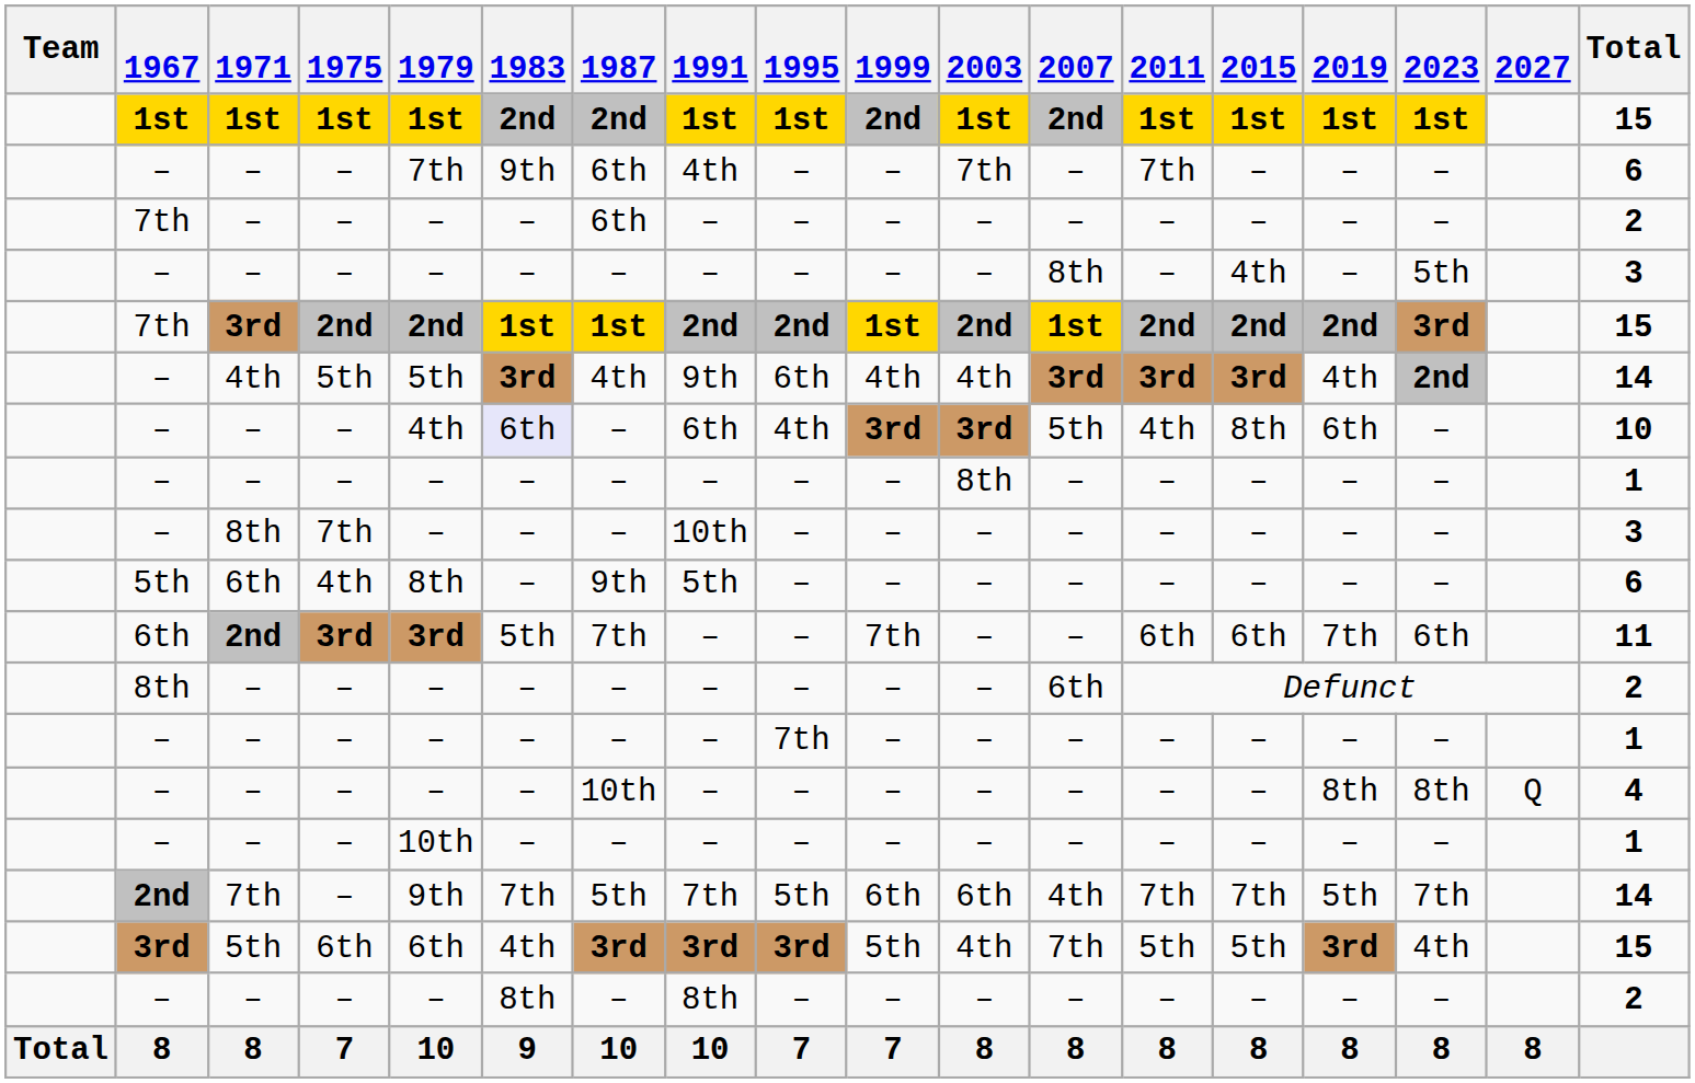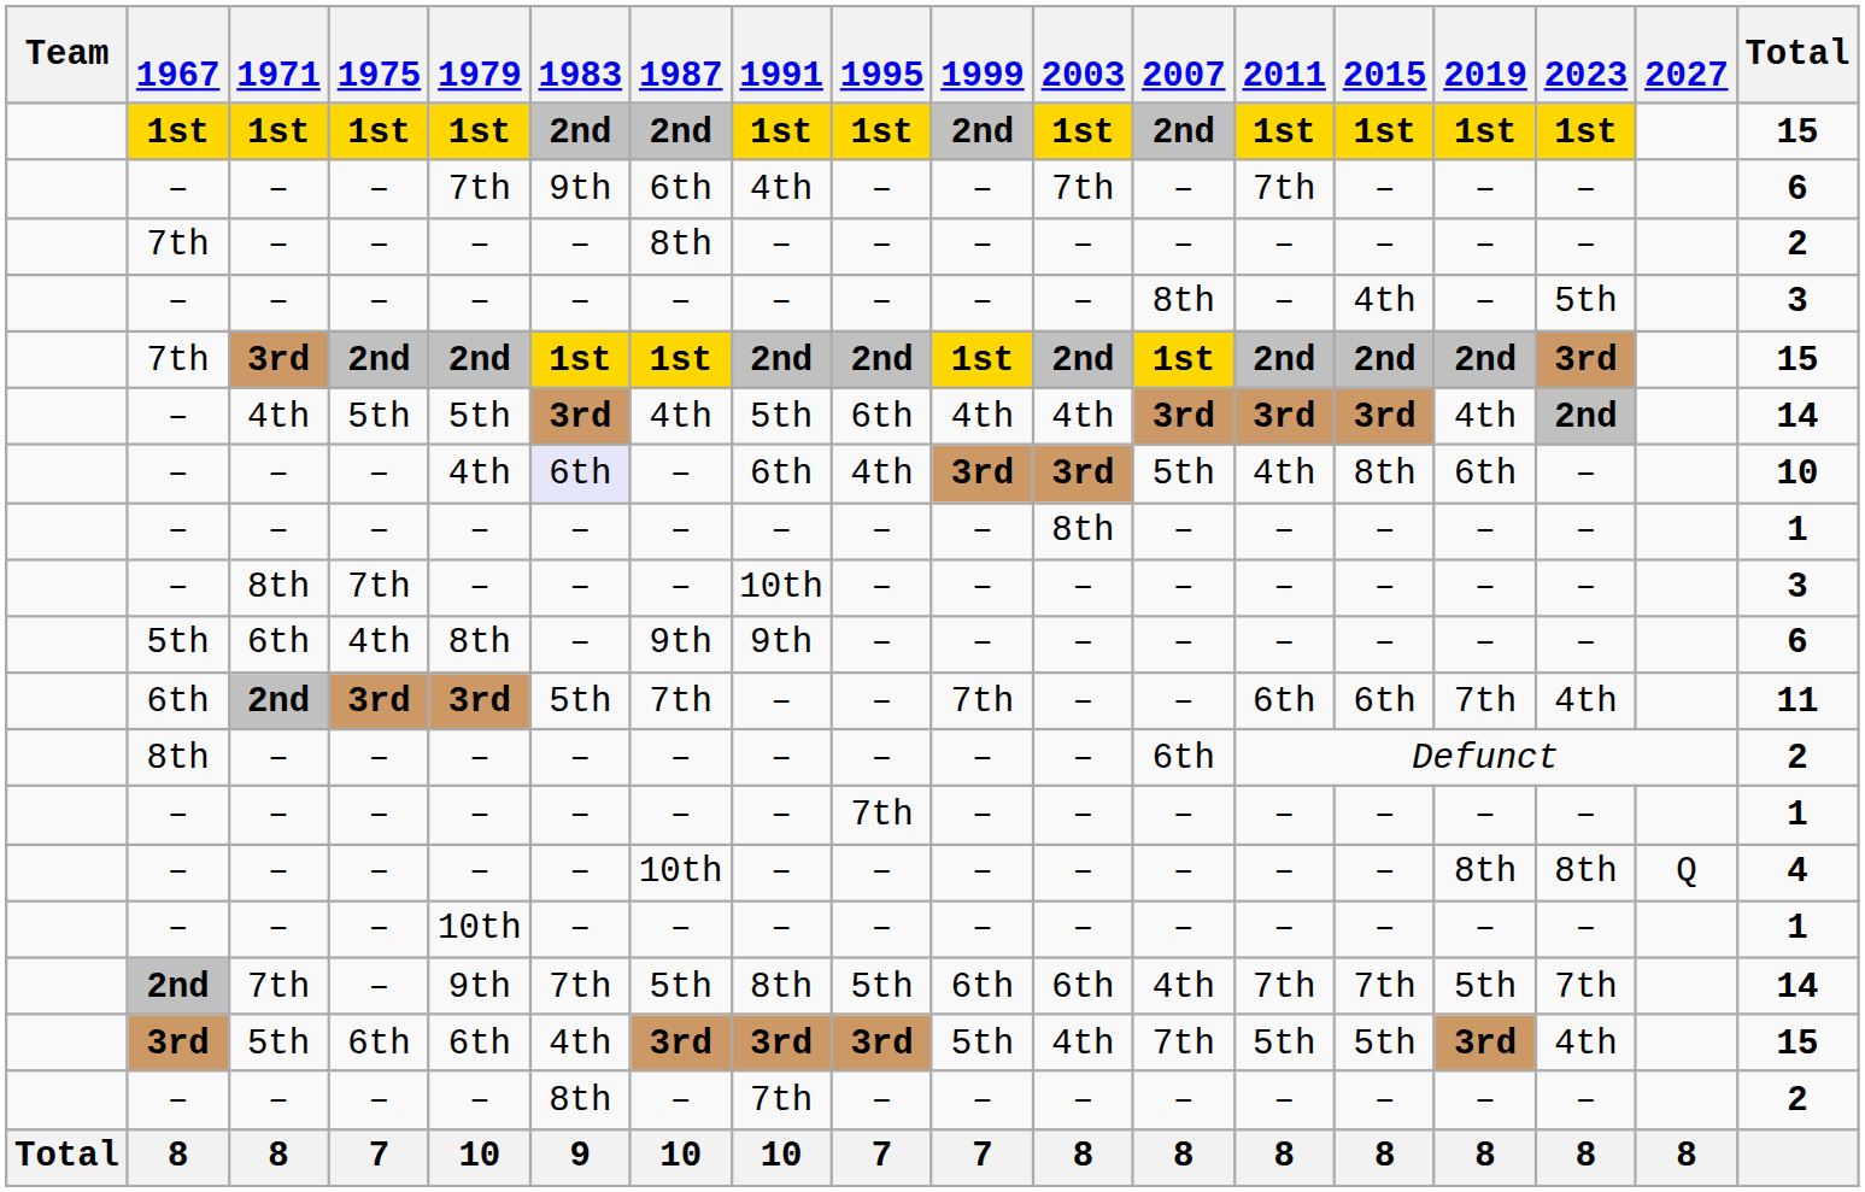 <table class="wikitable " style="text-align:center">
 <tr>
 <th>Team</th>
 <th><br><a href='#'>1967</a></th>
 <th><br><a href='#'>1971</a></th>
 <th><br><a href='#'>1975</a></th>
 <th><br><a href='#'>1979</a></th>
 <th><br><a href='#'>1983</a></th>
 <th><br><a href='#'>1987</a></th>
 <th><br><a href='#'>1991</a></th>
 <th><br><a href='#'>1995</a></th>
 <th><br><a href='#'>1999</a></th>
 <th><br><a href='#'>2003</a></th>
 <th><br><a href='#'>2007</a></th>
 <th><br><a href='#'>2011</a></th>
 <th><br><a href='#'>2015</a></th>
 <th><br><a href='#'>2019</a></th>
 <th><br><a href='#'>2023</a></th>
 <th><br><a href='#'>2027</a></th>
 <th>Total</th>
 </tr>
 <tr>
 <td align=left></td>
 <td bgcolor=gold><strong>1st</strong></td>
 <td bgcolor=gold><strong>1st</strong></td>
 <td bgcolor=gold><strong>1st</strong></td>
 <td bgcolor=gold><strong>1st</strong></td>
 <td bgcolor=silver><strong>2nd</strong></td>
 <td bgcolor=silver><strong>2nd</strong></td>
 <td bgcolor=gold><strong>1st</strong></td>
 <td bgcolor=gold><strong>1st</strong></td>
 <td bgcolor=silver><strong>2nd</strong></td>
 <td bgcolor=gold><strong>1st</strong></td>
 <td bgcolor=silver><strong>2nd</strong></td>
 <td bgcolor=gold><strong>1st</strong></td>
 <td bgcolor=gold><strong>1st</strong></td>
 <td bgcolor=gold><strong>1st</strong></td>
 <td bgcolor=gold><strong>1st</strong></td>
 <td></td>
 <td><strong>15</strong></td>
 </tr>
 <tr>
 <td align=left></td>
 <td>–</td>
 <td>–</td>
 <td>–</td>
 <td>7th</td>
 <td>9th</td>
 <td>6th</td>
 <td>4th</td>
 <td>–</td>
 <td>–</td>
 <td>7th</td>
 <td>–</td>
 <td>7th</td>
 <td>–</td>
 <td>–</td>
 <td>–</td>
 <td></td>
 <td><strong>6</strong></td>
 </tr>
 <tr>
 <td align=left></td>
 <td>7th</td>
 <td>–</td>
 <td>–</td>
 <td>–</td>
 <td>–</td>
-<td>6th</td>
+<td>8th</td>
 <td>–</td>
 <td>–</td>
 <td>–</td>
 <td>–</td>
 <td>–</td>
 <td>–</td>
 <td>–</td>
 <td>–</td>
 <td>–</td>
 <td></td>
 <td><strong>2</strong></td>
 </tr>
 <tr>
 <td align=left></td>
 <td>–</td>
 <td>–</td>
 <td>–</td>
 <td>–</td>
 <td>–</td>
 <td>–</td>
 <td>–</td>
 <td>–</td>
 <td>–</td>
 <td>–</td>
 <td>8th</td>
 <td>–</td>
 <td>4th</td>
 <td>–</td>
 <td>5th</td>
 <td></td>
 <td><strong>3</strong></td>
 </tr>
 <tr>
 <td align=left></td>
 <td>7th</td>
 <td bgcolor=#cc9966><strong>3rd</strong></td>
 <td bgcolor=silver><strong>2nd</strong></td>
 <td bgcolor=silver><strong>2nd</strong></td>
 <td bgcolor=gold><strong>1st</strong></td>
 <td bgcolor=gold><strong>1st</strong></td>
 <td bgcolor=silver><strong>2nd</strong></td>
 <td bgcolor=silver><strong>2nd</strong></td>
 <td bgcolor=gold><strong>1st</strong></td>
 <td bgcolor=silver><strong>2nd</strong></td>
 <td bgcolor=gold><strong>1st</strong></td>
 <td bgcolor=silver><strong>2nd</strong></td>
 <td bgcolor=silver><strong>2nd</strong></td>
 <td bgcolor=silver><strong>2nd</strong></td>
 <td bgcolor=cc9966><strong>3rd</strong></td>
 <td></td>
 <td><strong>15</strong></td>
 </tr>
 <tr>
 <td align=left></td>
 <td>–</td>
 <td>4th</td>
 <td>5th</td>
 <td>5th</td>
 <td bgcolor=#cc9966><strong>3rd</strong></td>
 <td>4th</td>
-<td>9th</td>
+<td>5th</td>
 <td>6th</td>
 <td>4th</td>
 <td>4th</td>
 <td bgcolor=#cc9966><strong>3rd</strong></td>
 <td bgcolor=#cc9966><strong>3rd</strong></td>
 <td bgcolor=#cc9966><strong>3rd</strong></td>
 <td>4th</td>
 <td bgcolor=silver><strong>2nd</strong></td>
 <td></td>
 <td><strong>14</strong></td>
 </tr>
 <tr>
 <td align=left></td>
 <td>–</td>
 <td>–</td>
 <td>–</td>
 <td>4th</td>
 <td style="background: lavender;">6th</td>
 <td>–</td>
 <td>6th</td>
 <td>4th</td>
 <td bgcolor=#cc9966><strong>3rd</strong></td>
 <td bgcolor=#cc9966><strong>3rd</strong></td>
 <td>5th</td>
 <td>4th</td>
 <td>8th</td>
 <td>6th</td>
 <td>–</td>
 <td></td>
 <td><strong>10</strong></td>
 </tr>
 <tr>
 <td align=left></td>
 <td>–</td>
 <td>–</td>
 <td>–</td>
 <td>–</td>
 <td>–</td>
 <td>–</td>
 <td>–</td>
 <td>–</td>
 <td>–</td>
 <td>8th</td>
 <td>–</td>
 <td>–</td>
 <td>–</td>
 <td>–</td>
 <td>–</td>
 <td></td>
 <td><strong>1</strong></td>
 </tr>
 <tr>
 <td align=left></td>
 <td>–</td>
 <td>8th</td>
 <td>7th</td>
 <td>–</td>
 <td>–</td>
 <td>–</td>
 <td>10th</td>
 <td>–</td>
 <td>–</td>
 <td>–</td>
 <td>–</td>
 <td>–</td>
 <td>–</td>
 <td>–</td>
 <td>–</td>
 <td></td>
 <td><strong>3</strong></td>
 </tr>
 <tr>
 <td align=left></td>
 <td>5th</td>
 <td>6th</td>
 <td>4th</td>
 <td>8th</td>
 <td>–</td>
 <td>9th</td>
-<td>5th</td>
+<td>9th</td>
 <td>–</td>
 <td>–</td>
 <td>–</td>
 <td>–</td>
 <td>–</td>
 <td>–</td>
 <td>–</td>
 <td>–</td>
 <td></td>
 <td><strong>6</strong></td>
 </tr>
 <tr>
 <td align=left></td>
 <td>6th</td>
 <td bgcolor=silver><strong>2nd</strong></td>
 <td bgcolor=#cc9966><strong>3rd</strong></td>
 <td bgcolor=#cc9966><strong>3rd</strong></td>
 <td>5th</td>
 <td>7th</td>
 <td>–</td>
 <td>–</td>
 <td>7th</td>
 <td>–</td>
 <td>–</td>
 <td>6th</td>
 <td>6th</td>
 <td>7th</td>
-<td>6th</td>
+<td>4th</td>
 <td></td>
 <td><strong>11</strong></td>
 </tr>
 <tr>
 <td align=left></td>
 <td>8th</td>
 <td>–</td>
 <td>–</td>
 <td>–</td>
 <td>–</td>
 <td>–</td>
 <td>–</td>
 <td>–</td>
 <td>–</td>
 <td>–</td>
 <td>6th</td>
 <td colspan=5><em>Defunct</em></td>
 <td><strong>2</strong></td>
 </tr>
 <tr>
 <td align=left></td>
 <td>–</td>
 <td>–</td>
 <td>–</td>
 <td>–</td>
 <td>–</td>
 <td>–</td>
 <td>–</td>
 <td>7th</td>
 <td>–</td>
 <td>–</td>
 <td>–</td>
 <td>–</td>
 <td>–</td>
 <td>–</td>
 <td>–</td>
 <td></td>
 <td><strong>1</strong></td>
 </tr>
 <tr>
 <td align=left></td>
 <td>–</td>
 <td>–</td>
 <td>–</td>
 <td>–</td>
 <td>–</td>
 <td>10th</td>
 <td>–</td>
 <td>–</td>
 <td>–</td>
 <td>–</td>
 <td>–</td>
 <td>–</td>
 <td>–</td>
 <td>8th</td>
 <td>8th</td>
 <td>Q</td>
 <td><strong>4</strong></td>
 </tr>
 <tr>
 <td align=left></td>
 <td>–</td>
 <td>–</td>
 <td>–</td>
 <td>10th</td>
 <td>–</td>
 <td>–</td>
 <td>–</td>
 <td>–</td>
 <td>–</td>
 <td>–</td>
 <td>–</td>
 <td>–</td>
 <td>–</td>
 <td>–</td>
 <td>–</td>
 <td></td>
 <td><strong>1</strong></td>
 </tr>
 <tr>
 <td align=left></td>
 <td bgcolor=silver><strong>2nd</strong></td>
 <td>7th</td>
 <td>–</td>
 <td>9th</td>
 <td>7th</td>
 <td>5th</td>
-<td>7th</td>
+<td>8th</td>
 <td>5th</td>
 <td>6th</td>
 <td>6th</td>
 <td>4th</td>
 <td>7th</td>
 <td>7th</td>
 <td>5th</td>
 <td>7th</td>
 <td></td>
 <td><strong>14</strong></td>
 </tr>
 <tr>
 <td align=left></td>
 <td bgcolor=#cc9966><strong>3rd</strong></td>
 <td>5th</td>
 <td>6th</td>
 <td>6th</td>
 <td>4th</td>
 <td bgcolor=#cc9966><strong>3rd</strong></td>
 <td bgcolor=#cc9966><strong>3rd</strong></td>
 <td bgcolor=#cc9966><strong>3rd</strong></td>
 <td>5th</td>
 <td>4th</td>
 <td>7th</td>
 <td>5th</td>
 <td>5th</td>
 <td bgcolor=#cc9966><strong>3rd</strong></td>
 <td>4th</td>
 <td></td>
 <td><strong>15</strong></td>
 </tr>
 <tr>
 <td align=left></td>
 <td>–</td>
 <td>–</td>
 <td>–</td>
 <td>–</td>
 <td>8th</td>
 <td>–</td>
-<td>8th</td>
+<td>7th</td>
 <td>–</td>
 <td>–</td>
 <td>–</td>
 <td>–</td>
 <td>–</td>
 <td>–</td>
 <td>–</td>
 <td>–</td>
 <td></td>
 <td><strong>2</strong></td>
 </tr>
 <tr>
 <th>Total</th>
 <th>8</th>
 <th>8</th>
 <th>7</th>
 <th>10</th>
 <th>9</th>
 <th>10</th>
 <th>10</th>
 <th>7</th>
 <th>7</th>
 <th>8</th>
 <th>8</th>
 <th>8</th>
 <th>8</th>
 <th>8</th>
 <th>8</th>
 <th>8</th>
 <th></th>
 </tr>
 </table>
